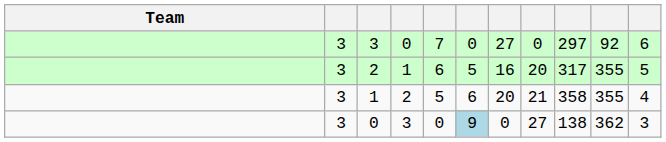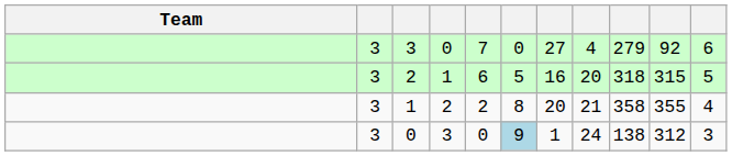 <table class=wikitable style="text-align:center">
 <tr>
 <th width=250>Team</th>
 <th width=20></th>
 <th width=20></th>
 <th width=20></th>
 <th width=20></th>
 <th width=20></th>
 <th width=20></th>
 <th width=20></th>
 <th width=20></th>
 <th width=20></th>
 <th width=20></th>
 </tr>
 <tr style="background-color:#ccffcc;">
 <td style="text-align:left;"></td>
 <td>3</td>
 <td>3</td>
 <td>0</td>
 <td>7</td>
 <td>0</td>
 <td>27</td>
-<td>0</td>
-<td>297</td>
+<td>4</td>
+<td>279</td>
 <td>92</td>
 <td>6</td>
 </tr>
 <tr style="background-color:#ccffcc;">
 <td style="text-align:left;"></td>
 <td>3</td>
 <td>2</td>
 <td>1</td>
 <td>6</td>
 <td>5</td>
 <td>16</td>
 <td>20</td>
-<td>317</td>
-<td>355</td>
+<td>318</td>
+<td>315</td>
 <td>5</td>
 </tr>
 <tr>
 <td style="text-align:left;"></td>
 <td>3</td>
 <td>1</td>
 <td>2</td>
-<td>5</td>
-<td>6</td>
+<td>2</td>
+<td>8</td>
 <td>20</td>
 <td>21</td>
 <td>358</td>
 <td>355</td>
 <td>4</td>
 </tr>
 <tr>
 <td style="text-align:left;"></td>
 <td>3</td>
 <td>0</td>
 <td>3</td>
 <td>0</td>
 <td style="background: lightblue;">9</td>
-<td>0</td>
-<td>27</td>
+<td>1</td>
+<td>24</td>
 <td>138</td>
-<td>362</td>
+<td>312</td>
 <td>3</td>
 </tr>
 </table>
